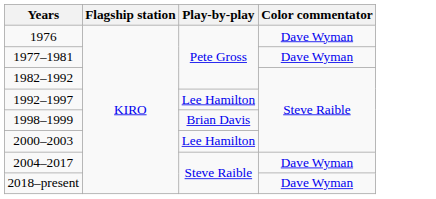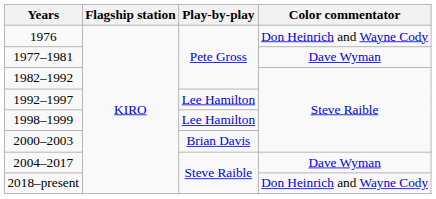 <table class="wikitable" style="text-align: center;">
 <tr>
 <th>Years</th>
 <th>Flagship station</th>
 <th>Play-by-play</th>
 <th>Color commentator</th>
 </tr>
 <tr>
 <td>1976</td>
 <td rowspan=8><a href='#'>KIRO</a></td>
 <td rowspan=3><a href='#'>Pete Gross</a></td>
-<td><a href='#'>Dave Wyman</a></td>
+<td><a href='#'>Don Heinrich</a> and <a href='#'>Wayne Cody</a></td>
 </tr>
 <tr>
 <td>1977–1981</td>
 <td><a href='#'>Dave Wyman</a></td>
 </tr>
 <tr>
 <td>1982–1992</td>
 <td rowspan=4><a href='#'>Steve Raible</a></td>
 </tr>
 <tr>
 <td>1992–1997</td>
 <td><a href='#'>Lee Hamilton</a></td>
 </tr>
 <tr>
 <td>1998–1999</td>
-<td><a href='#'>Brian Davis</a></td>
+<td><a href='#'>Lee Hamilton</a></td>
 </tr>
 <tr>
 <td>2000–2003</td>
-<td><a href='#'>Lee Hamilton</a></td>
+<td><a href='#'>Brian Davis</a></td>
 </tr>
 <tr>
 <td>2004–2017</td>
 <td rowspan=2><a href='#'>Steve Raible</a></td>
 <td><a href='#'>Dave Wyman</a></td>
 </tr>
 <tr>
 <td>2018–present</td>
-<td><a href='#'>Dave Wyman</a></td>
+<td><a href='#'>Don Heinrich</a> and <a href='#'>Wayne Cody</a></td>
 </tr>
 </table>
